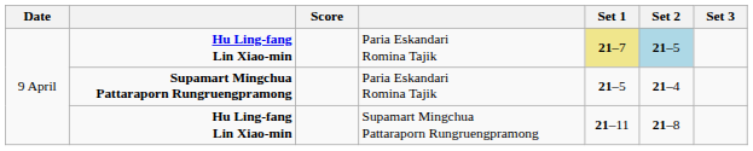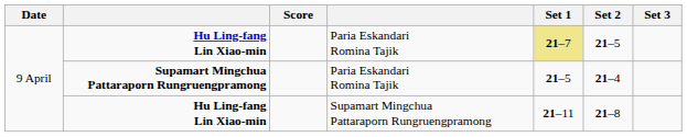 <table class="wikitable" style="text-align: center; font-size:90%">
 <tr>
 <th width="60">Date</th>
 <th align="right" width="230"></th>
 <th width="60">Score</th>
 <th align="left" width="230"></th>
 <th width="50">Set 1</th>
 <th width="50">Set 2</th>
 <th width="50">Set 3</th>
 </tr>
 <tr>
 <td rowspan="3">9 April</td>
 <td align="right"><strong><a href='#'>Hu Ling-fang</a> <br>Lin Xiao-min </strong></td>
 <td></td>
 <td align="left"> Paria Eskandari<br> Romina Tajik</td>
 <td style="background: khaki;"><strong>21</strong>–7</td>
-<td style="background: lightblue;"><strong>21</strong>–5</td>
+<td><strong>21</strong>–5</td>
 <td></td>
 </tr>
 <tr>
 <td align="right"><strong>Supamart Mingchua <br>Pattaraporn Rungruengpramong </strong></td>
 <td></td>
 <td align="left"> Paria Eskandari<br> Romina Tajik</td>
 <td><strong>21</strong>–5</td>
 <td><strong>21</strong>–4</td>
 <td></td>
 </tr>
 <tr>
 <td align="right"><strong>Hu Ling-fang <br>Lin Xiao-min </strong></td>
 <td></td>
 <td align="left"> Supamart Mingchua<br> Pattaraporn Rungruengpramong</td>
 <td><strong>21</strong>–11</td>
 <td><strong>21</strong>–8</td>
 <td></td>
 </tr>
 </table>
